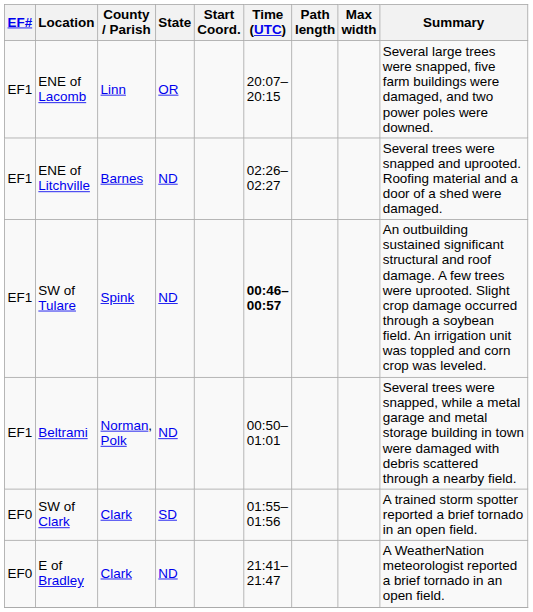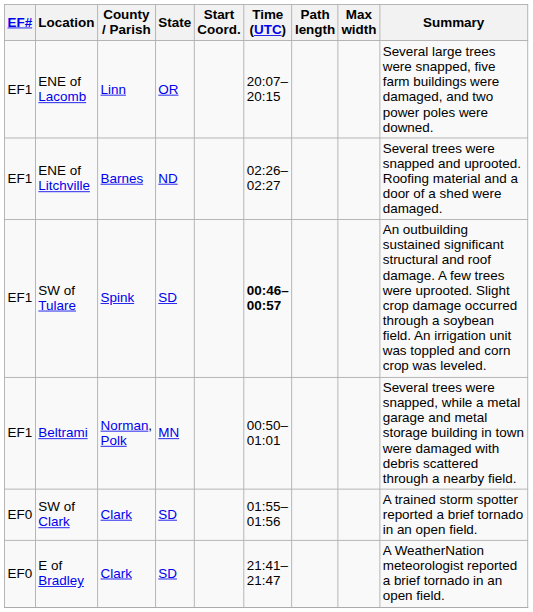 <table class="wikitable sortable" style="width:100%;">
 <tr>
 <th scope="col"  style="width:3%; text-align:center;"><a href='#'>EF#</a></th>
 <th scope="col"  style="width:7%; text-align:center;" class="unsortable">Location</th>
 <th scope="col"  style="width:6%; text-align:center;" class="unsortable">County / Parish</th>
 <th scope="col"  style="width:5%; text-align:center;">State</th>
 <th scope="col"  style="width:6%; text-align:center;">Start Coord.</th>
 <th scope="col"  style="width:6%; text-align:center;">Time (<a href='#'>UTC</a>)</th>
 <th scope="col"  style="width:6%; text-align:center;">Path length</th>
 <th scope="col"  style="width:6%; text-align:center;">Max width</th>
 <th scope="col" class="unsortable" style="width:48%; text-align:center;">Summary</th>
 </tr>
 <tr>
 <td>EF1</td>
 <td>ENE of <a href='#'>Lacomb</a></td>
 <td><a href='#'>Linn</a></td>
 <td><a href='#'>OR</a></td>
 <td></td>
 <td>20:07–20:15</td>
 <td></td>
 <td></td>
 <td>Several large trees were snapped, five farm buildings were damaged, and two power poles were downed.</td>
 </tr>
 <tr>
 <td>EF1</td>
 <td>ENE of <a href='#'>Litchville</a></td>
 <td><a href='#'>Barnes</a></td>
 <td><a href='#'>ND</a></td>
 <td></td>
 <td>02:26–02:27</td>
 <td></td>
 <td></td>
 <td>Several trees were snapped and uprooted. Roofing material and a door of a shed were damaged.</td>
 </tr>
 <tr>
 <td>EF1</td>
 <td>SW of <a href='#'>Tulare</a></td>
 <td><a href='#'>Spink</a></td>
-<td><a href='#'>ND</a></td>
+<td><a href='#'>SD</a></td>
 <td></td>
 <td><strong>00:46–00:57</strong></td>
 <td></td>
 <td></td>
 <td>An outbuilding sustained significant structural and roof damage. A few trees were uprooted. Slight crop damage occurred through a soybean field. An irrigation unit was toppled and corn crop was leveled.</td>
 </tr>
 <tr>
 <td>EF1</td>
 <td><a href='#'>Beltrami</a></td>
 <td><a href='#'>Norman</a>, <a href='#'>Polk</a></td>
-<td><a href='#'>ND</a></td>
+<td><a href='#'>MN</a></td>
 <td></td>
 <td>00:50–01:01</td>
 <td></td>
 <td></td>
 <td>Several trees were snapped, while a metal garage and metal storage building in town were damaged with debris scattered through a nearby field.</td>
 </tr>
 <tr>
 <td>EF0</td>
 <td>SW of <a href='#'>Clark</a></td>
 <td><a href='#'>Clark</a></td>
 <td><a href='#'>SD</a></td>
 <td></td>
 <td>01:55–01:56</td>
 <td></td>
 <td></td>
 <td>A trained storm spotter reported a brief tornado in an open field.</td>
 </tr>
 <tr>
 <td>EF0</td>
 <td>E of <a href='#'>Bradley</a></td>
 <td><a href='#'>Clark</a></td>
-<td><a href='#'>ND</a></td>
+<td><a href='#'>SD</a></td>
 <td></td>
 <td>21:41–21:47</td>
 <td></td>
 <td></td>
 <td>A WeatherNation meteorologist reported a brief tornado in an open field.</td>
 </tr>
 <tr>
 </tr>
 </table>
